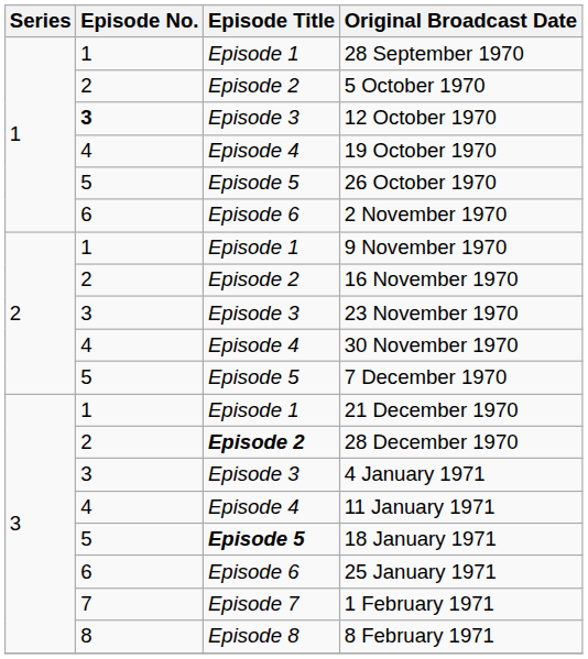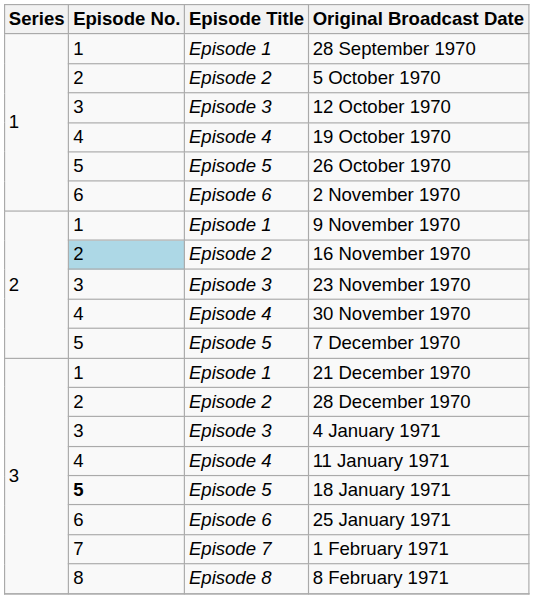 <table class="wikitable">
 <tr>
 <th>Series</th>
 <th>Episode No.</th>
 <th>Episode Title</th>
 <th>Original Broadcast Date</th>
 </tr>
 <tr>
 <td rowspan="6">1</td>
 <td>1</td>
 <td><em>Episode 1</em></td>
 <td>28 September 1970</td>
 </tr>
 <tr>
 <td>2</td>
 <td><em>Episode 2 </em></td>
 <td>5 October 1970</td>
 </tr>
 <tr>
-<td><strong>3</strong></td>
+<td>3</td>
 <td><em>Episode 3 </em></td>
 <td>12 October 1970</td>
 </tr>
 <tr>
 <td>4</td>
 <td><em>Episode 4 </em></td>
 <td>19 October 1970</td>
 </tr>
 <tr>
 <td>5</td>
 <td><em>Episode 5 </em></td>
 <td>26 October 1970</td>
 </tr>
 <tr>
 <td>6</td>
 <td><em>Episode 6 </em></td>
 <td>2 November 1970</td>
 </tr>
 <tr>
 <td rowspan="5">2</td>
 <td>1</td>
 <td><em>Episode 1 </em></td>
 <td>9 November 1970</td>
 </tr>
 <tr>
-<td>2</td>
+<td style="background: lightblue;">2</td>
 <td><em>Episode 2 </em></td>
 <td>16 November 1970</td>
 </tr>
 <tr>
 <td>3</td>
 <td><em>Episode 3 </em></td>
 <td>23 November 1970</td>
 </tr>
 <tr>
 <td>4</td>
 <td><em>Episode 4 </em></td>
 <td>30 November 1970</td>
 </tr>
 <tr>
 <td>5</td>
 <td><em>Episode 5 </em></td>
 <td>7 December 1970</td>
 </tr>
 <tr>
 <td rowspan="8">3</td>
 <td>1</td>
 <td><em>Episode 1 </em></td>
 <td>21 December 1970</td>
 </tr>
 <tr>
 <td>2</td>
-<td><strong><em>Episode 2 </em></strong></td>
+<td><em>Episode 2 </em></td>
 <td>28 December 1970</td>
 </tr>
 <tr>
 <td>3</td>
 <td><em>Episode 3 </em></td>
 <td>4 January 1971</td>
 </tr>
 <tr>
 <td>4</td>
 <td><em>Episode 4 </em></td>
 <td>11 January 1971</td>
 </tr>
 <tr>
-<td>5</td>
-<td><strong><em>Episode 5 </em></strong></td>
+<td><strong>5</strong></td>
+<td><em>Episode 5 </em></td>
 <td>18 January 1971</td>
 </tr>
 <tr>
 <td>6</td>
 <td><em>Episode 6 </em></td>
 <td>25 January 1971</td>
 </tr>
 <tr>
 <td>7</td>
 <td><em>Episode 7 </em></td>
 <td>1 February 1971</td>
 </tr>
 <tr>
 <td>8</td>
 <td><em>Episode 8 </em></td>
 <td>8 February 1971</td>
 </tr>
 <tr>
 </tr>
 </table>
